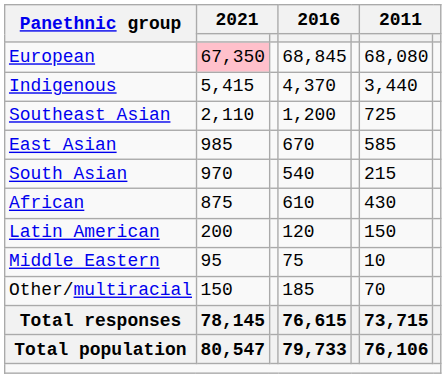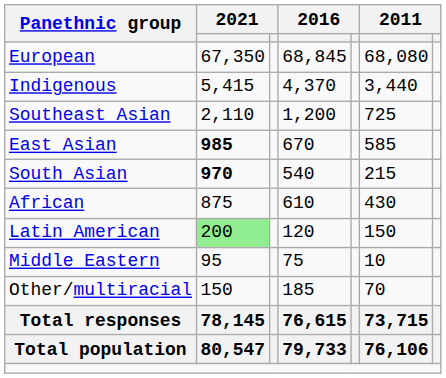 <table class="wikitable collapsible sortable">
 <tr>
 <th rowspan="2"><a href='#'>Panethnic</a> group</th>
 <th colspan="2">2021</th>
 <th colspan="2">2016</th>
 <th colspan="2">2011</th>
 </tr>
 <tr>
 <th><a href='#'></a></th>
 <th></th>
 <th></th>
 <th></th>
 <th></th>
 <th></th>
 </tr>
 <tr>
 <td><a href='#'>European</a></td>
-<td style="background: pink;">67,350</td>
+<td>67,350</td>
 <td></td>
 <td>68,845</td>
 <td></td>
 <td>68,080</td>
 <td></td>
 </tr>
 <tr>
 <td><a href='#'>Indigenous</a></td>
 <td>5,415</td>
 <td></td>
 <td>4,370</td>
 <td></td>
 <td>3,440</td>
 <td></td>
 </tr>
 <tr>
 <td><a href='#'>Southeast Asian</a></td>
 <td>2,110</td>
 <td></td>
 <td>1,200</td>
 <td></td>
 <td>725</td>
 <td></td>
 </tr>
 <tr>
 <td><a href='#'>East Asian</a></td>
-<td>985</td>
+<td><strong>985</strong></td>
 <td></td>
 <td>670</td>
 <td></td>
 <td>585</td>
 <td></td>
 </tr>
 <tr>
 <td><a href='#'>South Asian</a></td>
-<td>970</td>
+<td><strong>970</strong></td>
 <td></td>
 <td>540</td>
 <td></td>
 <td>215</td>
 <td></td>
 </tr>
 <tr>
 <td><a href='#'>African</a></td>
 <td>875</td>
 <td></td>
 <td>610</td>
 <td></td>
 <td>430</td>
 <td></td>
 </tr>
 <tr>
 <td><a href='#'>Latin American</a></td>
-<td>200</td>
+<td style="background: lightgreen;">200</td>
 <td></td>
 <td>120</td>
 <td></td>
 <td>150</td>
 <td></td>
 </tr>
 <tr>
 <td><a href='#'>Middle Eastern</a></td>
 <td>95</td>
 <td></td>
 <td>75</td>
 <td></td>
 <td>10</td>
 <td></td>
 </tr>
 <tr>
 <td>Other/<a href='#'>multiracial</a></td>
 <td>150</td>
 <td></td>
 <td>185</td>
 <td></td>
 <td>70</td>
 <td></td>
 </tr>
 <tr>
 <th>Total responses</th>
 <th>78,145</th>
 <th></th>
 <th>76,615</th>
 <th></th>
 <th>73,715</th>
 <th></th>
 </tr>
 <tr class="sortbottom">
 <th>Total population</th>
 <th>80,547</th>
 <th></th>
 <th>79,733</th>
 <th></th>
 <th>76,106</th>
 <th></th>
 </tr>
 <tr class="sortbottom">
 <td colspan="15"></td>
 </tr>
 </table>
